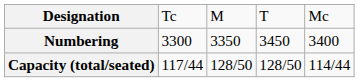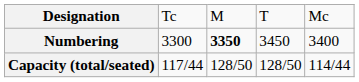 <table class="wikitable">
 <tr>
 <th>Designation</th>
 <td>Tc</td>
 <td>M</td>
 <td>T</td>
 <td>Mc</td>
 </tr>
 <tr>
 <th>Numbering</th>
 <td>3300</td>
-<td>3350</td>
+<td><strong>3350</strong></td>
 <td>3450</td>
 <td>3400</td>
 </tr>
 <tr>
 <th>Capacity (total/seated)</th>
 <td>117/44</td>
 <td>128/50</td>
 <td>128/50</td>
 <td>114/44</td>
 </tr>
 </table>
